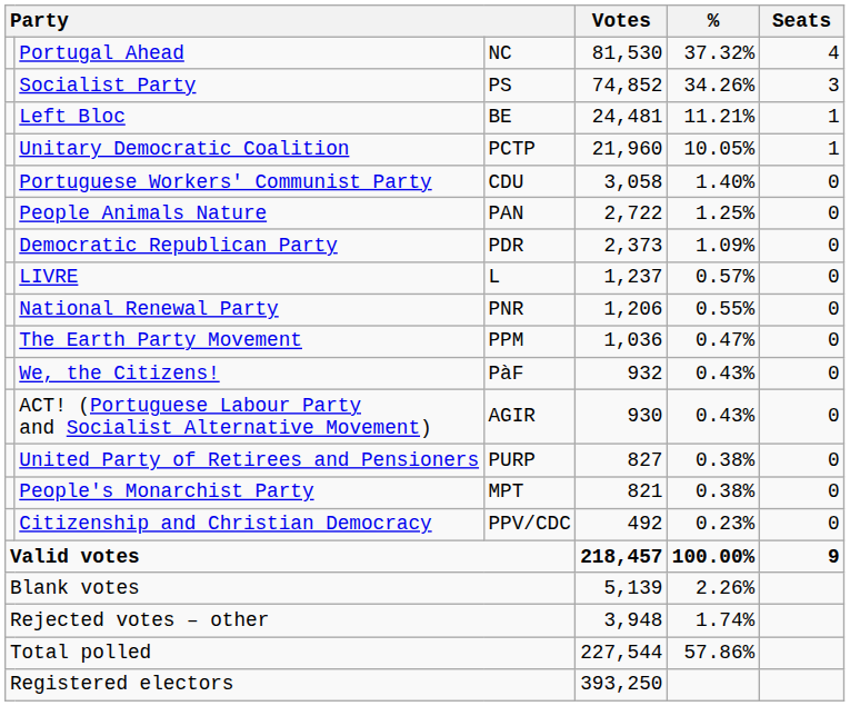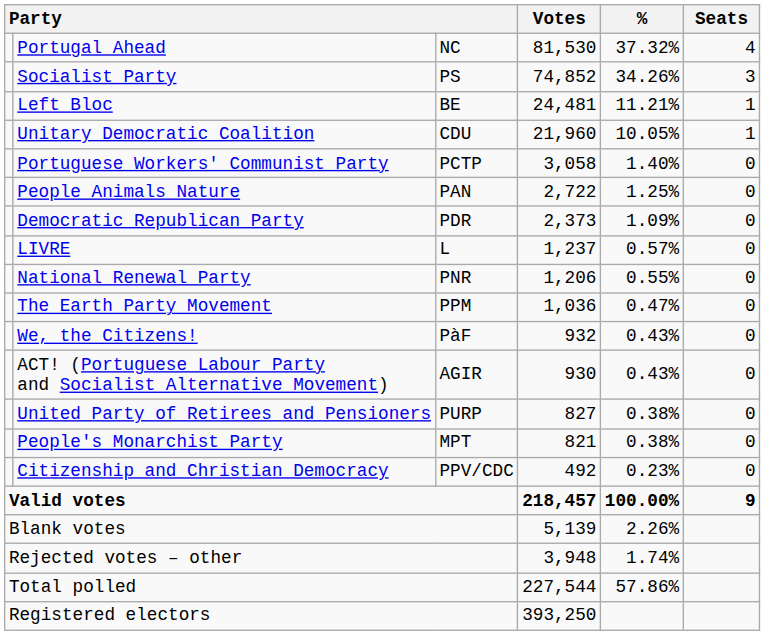 <table class="wikitable" border="1" style="text-align:right;">
 <tr>
 <th style="text-align:left;" colspan=3>Party</th>
 <th align=center width="50">Votes</th>
 <th align=center width="50">%</th>
 <th align=center width="50">Seats</th>
 </tr>
 <tr>
 <td></td>
 <td align=left><a href='#'>Portugal Ahead</a></td>
 <td align=left>NC</td>
 <td>81,530</td>
 <td>37.32%</td>
 <td>4</td>
 </tr>
 <tr>
 <td></td>
 <td align=left><a href='#'>Socialist Party</a></td>
 <td align=left>PS</td>
 <td>74,852</td>
 <td>34.26%</td>
 <td>3</td>
 </tr>
 <tr>
 <td></td>
 <td align=left><a href='#'>Left Bloc</a></td>
 <td align=left>BE</td>
 <td>24,481</td>
 <td>11.21%</td>
 <td>1</td>
 </tr>
 <tr>
 <td></td>
 <td align=left style="white-space: nowrap;"><a href='#'>Unitary Democratic Coalition</a></td>
-<td align=left>PCTP</td>
+<td align=left>CDU</td>
 <td>21,960</td>
 <td>10.05%</td>
 <td>1</td>
 </tr>
 <tr>
 <td></td>
 <td align=left><a href='#'>Portuguese Workers' Communist Party</a></td>
-<td align=left>CDU</td>
+<td align=left>PCTP</td>
 <td>3,058</td>
 <td>1.40%</td>
 <td>0</td>
 </tr>
 <tr>
 <td></td>
 <td align=left><a href='#'>People Animals Nature</a></td>
 <td align=left>PAN</td>
 <td>2,722</td>
 <td>1.25%</td>
 <td>0</td>
 </tr>
 <tr>
 <td></td>
 <td align=left><a href='#'>Democratic Republican Party</a></td>
 <td align=left>PDR</td>
 <td>2,373</td>
 <td>1.09%</td>
 <td>0</td>
 </tr>
 <tr>
 <td></td>
 <td align=left><a href='#'>LIVRE</a></td>
 <td align=left>L</td>
 <td>1,237</td>
 <td>0.57%</td>
 <td>0</td>
 </tr>
 <tr>
 <td></td>
 <td align=left><a href='#'>National Renewal Party</a></td>
 <td align=left>PNR</td>
 <td>1,206</td>
 <td>0.55%</td>
 <td>0</td>
 </tr>
 <tr>
 <td></td>
 <td align=left><a href='#'>The Earth Party Movement</a></td>
 <td align=left>PPM</td>
 <td>1,036</td>
 <td>0.47%</td>
 <td>0</td>
 </tr>
 <tr>
 <td></td>
 <td align=left><a href='#'>We, the Citizens!</a></td>
 <td align=left>PàF</td>
 <td>932</td>
 <td>0.43%</td>
 <td>0</td>
 </tr>
 <tr>
 <td></td>
 <td align=left>ACT! (<a href='#'>Portuguese Labour Party</a><br>and <a href='#'>Socialist Alternative Movement</a>)</td>
 <td align=left>AGIR</td>
 <td>930</td>
 <td>0.43%</td>
 <td>0</td>
 </tr>
 <tr>
 <td></td>
 <td align=left><a href='#'>United Party of Retirees and Pensioners</a></td>
 <td align=left>PURP</td>
 <td>827</td>
 <td>0.38%</td>
 <td>0</td>
 </tr>
 <tr>
 <td></td>
 <td align=left><a href='#'>People's Monarchist Party</a></td>
 <td align=left>MPT</td>
 <td>821</td>
 <td>0.38%</td>
 <td>0</td>
 </tr>
 <tr>
 <td></td>
 <td align=left><a href='#'>Citizenship and Christian Democracy</a></td>
 <td align=left>PPV/CDC</td>
 <td>492</td>
 <td>0.23%</td>
 <td>0</td>
 </tr>
 <tr style="font-weight:bold">
 <td align=left colspan=3>Valid votes</td>
 <td>218,457</td>
 <td>100.00%</td>
 <td>9</td>
 </tr>
 <tr>
 <td align=left colspan=3>Blank votes</td>
 <td>5,139</td>
 <td>2.26%</td>
 <td></td>
 </tr>
 <tr>
 <td align=left colspan=3>Rejected votes – other</td>
 <td>3,948</td>
 <td>1.74%</td>
 <td></td>
 </tr>
 <tr>
 <td align=left colspan=3>Total polled</td>
 <td>227,544</td>
 <td>57.86%</td>
 <td></td>
 </tr>
 <tr>
 <td align=left colspan=3>Registered electors</td>
 <td>393,250</td>
 <td></td>
 <td></td>
 </tr>
 </table>
